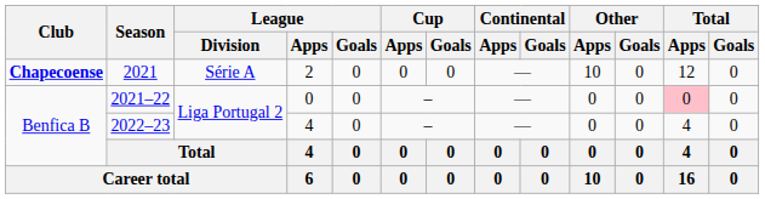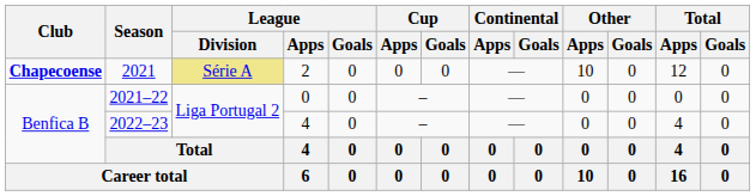 <table class="wikitable" style="text-align: center">
 <tr>
 <th rowspan="2">Club</th>
 <th rowspan="2">Season</th>
 <th colspan="3">League</th>
 <th colspan="2">Cup</th>
 <th colspan="2">Continental</th>
 <th colspan="2">Other</th>
 <th colspan="2">Total</th>
 </tr>
 <tr>
 <th>Division</th>
 <th>Apps</th>
 <th>Goals</th>
 <th>Apps</th>
 <th>Goals</th>
 <th>Apps</th>
 <th>Goals</th>
 <th>Apps</th>
 <th>Goals</th>
 <th>Apps</th>
 <th>Goals</th>
 </tr>
 <tr>
 <td><strong><a href='#'>Chapecoense</a></strong></td>
 <td><a href='#'>2021</a></td>
-<td><a href='#'>Série A</a></td>
+<td style="background: khaki;"><a href='#'>Série A</a></td>
 <td>2</td>
 <td>0</td>
 <td>0</td>
 <td>0</td>
 <td colspan="2">—</td>
 <td>10</td>
 <td>0</td>
 <td>12</td>
 <td>0</td>
 </tr>
 <tr>
 <td rowspan=3><a href='#'>Benfica B</a></td>
 <td><a href='#'>2021–22</a></td>
 <td rowspan=2><a href='#'>Liga Portugal 2</a></td>
 <td>0</td>
 <td>0</td>
 <td colspan="2">–</td>
 <td colspan="2">—</td>
 <td>0</td>
 <td>0</td>
-<td style="background: pink;">0</td>
+<td>0</td>
 <td>0</td>
 </tr>
 <tr>
 <td><a href='#'>2022–23</a></td>
 <td>4</td>
 <td>0</td>
 <td colspan="2">–</td>
 <td colspan="2">—</td>
 <td>0</td>
 <td>0</td>
 <td>4</td>
 <td>0</td>
 </tr>
 <tr>
 <th colspan=2><strong>Total</strong></th>
 <th>4</th>
 <th>0</th>
 <th>0</th>
 <th>0</th>
 <th>0</th>
 <th>0</th>
 <th>0</th>
 <th>0</th>
 <th>4</th>
 <th>0</th>
 </tr>
 <tr>
 <th colspan=3><strong>Career total</strong></th>
 <th>6</th>
 <th>0</th>
 <th>0</th>
 <th>0</th>
 <th>0</th>
 <th>0</th>
 <th>10</th>
 <th>0</th>
 <th>16</th>
 <th>0</th>
 </tr>
 </table>
